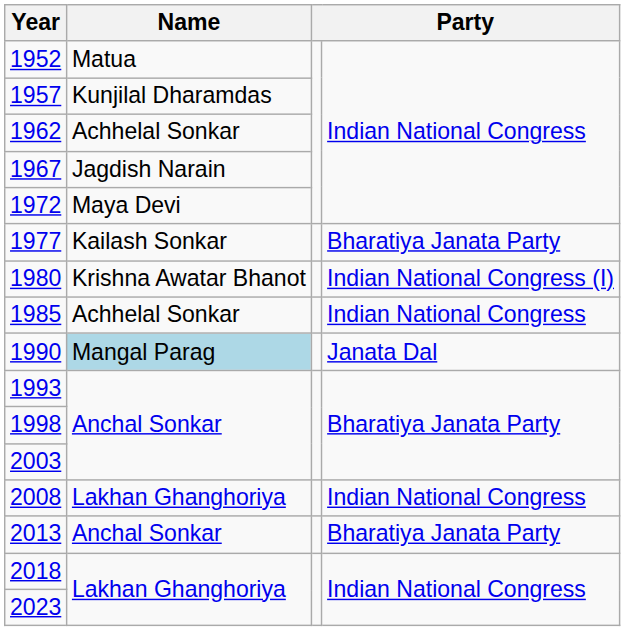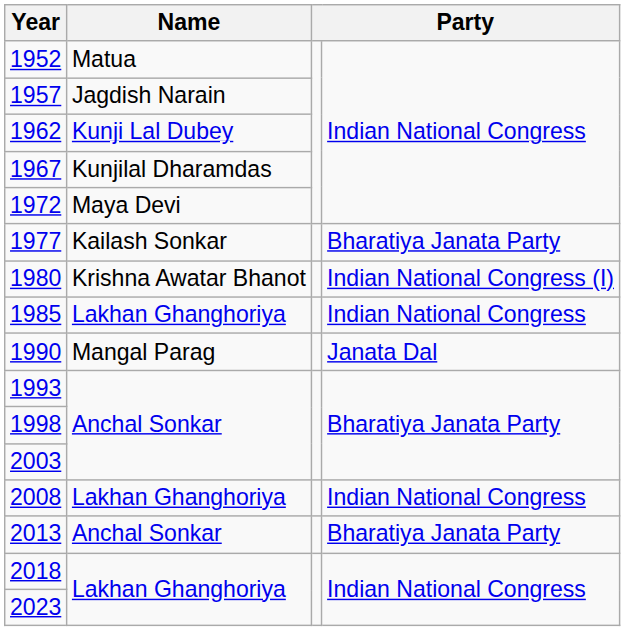 <table class="wikitable">
 <tr>
 <th>Year</th>
 <th>Name</th>
 <th colspan=2>Party</th>
 </tr>
 <tr>
 <td><a href='#'>1952</a></td>
 <td>Matua</td>
 <td rowspan="5" style="background-color: "></td>
 <td rowspan="5"><a href='#'>Indian National Congress</a></td>
 </tr>
 <tr>
 <td><a href='#'>1957</a></td>
-<td>Kunjilal Dharamdas</td>
+<td>Jagdish Narain</td>
 </tr>
 <tr>
 <td><a href='#'>1962</a></td>
-<td>Achhelal Sonkar</td>
+<td><a href='#'>Kunji Lal Dubey</a></td>
 </tr>
 <tr>
 <td><a href='#'>1967</a></td>
-<td>Jagdish Narain</td>
+<td>Kunjilal Dharamdas</td>
 </tr>
 <tr>
 <td><a href='#'>1972</a></td>
 <td>Maya Devi</td>
 </tr>
 <tr>
 <td><a href='#'>1977</a></td>
 <td>Kailash Sonkar</td>
 <td style="background-color: "></td>
 <td><a href='#'>Bharatiya Janata Party</a></td>
 </tr>
 <tr>
 <td><a href='#'>1980</a></td>
 <td>Krishna Awatar Bhanot</td>
 <td style="background-color: "></td>
 <td><a href='#'>Indian National Congress (I)</a></td>
 </tr>
 <tr>
 <td><a href='#'>1985</a></td>
-<td>Achhelal Sonkar</td>
+<td><a href='#'>Lakhan Ghanghoriya</a></td>
 <td style="background-color: "></td>
 <td><a href='#'>Indian National Congress</a></td>
 </tr>
 <tr>
 <td><a href='#'>1990</a></td>
-<td style="background: lightblue;">Mangal Parag</td>
+<td>Mangal Parag</td>
 <td style="background-color: "></td>
 <td><a href='#'>Janata Dal</a></td>
 </tr>
 <tr>
 <td><a href='#'>1993</a></td>
 <td rowspan="3"><a href='#'>Anchal Sonkar</a></td>
 <td rowspan="3" style="background-color: "></td>
 <td rowspan="3"><a href='#'>Bharatiya Janata Party</a></td>
 </tr>
 <tr>
 <td><a href='#'>1998</a></td>
 </tr>
 <tr>
 <td><a href='#'>2003</a></td>
 </tr>
 <tr>
 <td><a href='#'>2008</a></td>
 <td><a href='#'>Lakhan Ghanghoriya</a></td>
 <td style="background-color: "></td>
 <td><a href='#'>Indian National Congress</a></td>
 </tr>
 <tr>
 <td><a href='#'>2013</a></td>
 <td><a href='#'>Anchal Sonkar</a></td>
 <td style="background-color: "></td>
 <td><a href='#'>Bharatiya Janata Party</a></td>
 </tr>
 <tr>
 <td><a href='#'>2018</a></td>
 <td rowspan="2"><a href='#'>Lakhan Ghanghoriya</a></td>
 <td rowspan="2" style="background-color: "></td>
 <td rowspan="2"><a href='#'>Indian National Congress</a></td>
 </tr>
 <tr>
 <td><a href='#'>2023</a></td>
 </tr>
 </table>
